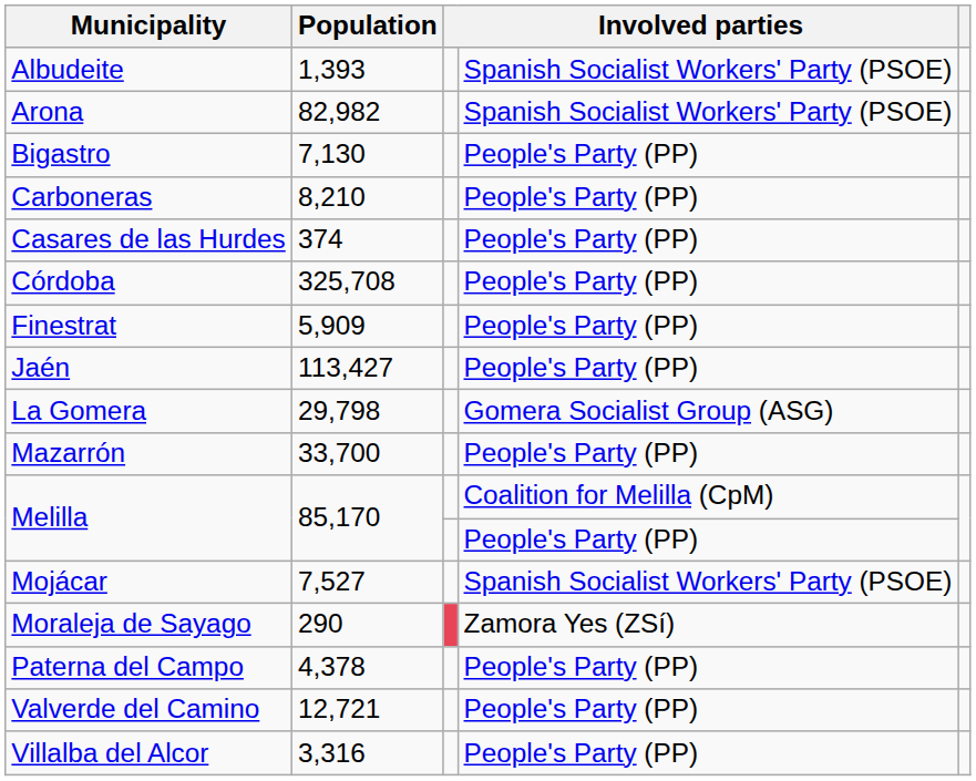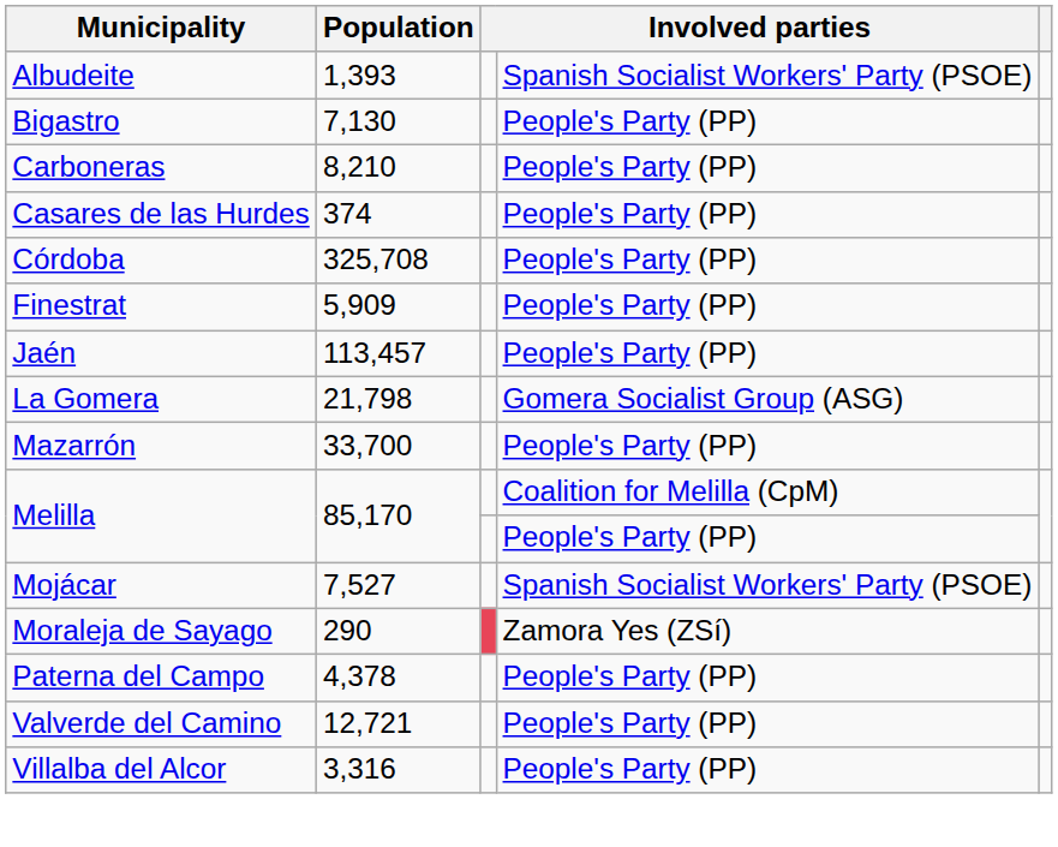 <table class="wikitable sortable">
 <tr>
 <th>Municipality</th>
 <th>Population</th>
 <th colspan="2">Involved parties</th>
 <th class="unsortable"></th>
 </tr>
 <tr>
 <td><a href='#'>Albudeite</a></td>
 <td>1,393</td>
-<td width="1"></td>
-<td><a href='#'>Spanish Socialist Workers' Party</a> (PSOE)</td>
-<td></td>
-</tr>
-<tr>
-<td><a href='#'>Arona</a></td>
-<td>82,982</td>
 <td width="1"></td>
 <td><a href='#'>Spanish Socialist Workers' Party</a> (PSOE)</td>
 <td></td>
 </tr>
 <tr>
 <td><a href='#'>Bigastro</a></td>
 <td>7,130</td>
 <td></td>
 <td><a href='#'>People's Party</a> (PP)</td>
 <td></td>
 </tr>
 <tr>
 <td><a href='#'>Carboneras</a></td>
 <td>8,210</td>
 <td></td>
 <td><a href='#'>People's Party</a> (PP)</td>
 <td></td>
 </tr>
 <tr>
 <td><a href='#'>Casares de las Hurdes</a></td>
 <td>374</td>
 <td></td>
 <td><a href='#'>People's Party</a> (PP)</td>
 <td></td>
 </tr>
 <tr>
 <td><a href='#'>Córdoba</a></td>
 <td>325,708</td>
 <td></td>
 <td><a href='#'>People's Party</a> (PP)</td>
 <td></td>
 </tr>
 <tr>
 <td><a href='#'>Finestrat</a></td>
 <td>5,909</td>
 <td></td>
 <td><a href='#'>People's Party</a> (PP)</td>
 <td></td>
 </tr>
 <tr>
 <td><a href='#'>Jaén</a></td>
-<td>113,427</td>
+<td>113,457</td>
 <td></td>
 <td><a href='#'>People's Party</a> (PP)</td>
 <td></td>
 </tr>
 <tr>
 <td><a href='#'>La Gomera</a></td>
-<td>29,798</td>
+<td>21,798</td>
 <td></td>
 <td><a href='#'>Gomera Socialist Group</a> (ASG)</td>
 <td></td>
 </tr>
 <tr>
 <td><a href='#'>Mazarrón</a></td>
 <td>33,700</td>
 <td></td>
 <td><a href='#'>People's Party</a> (PP)</td>
 <td></td>
 </tr>
 <tr>
 <td rowspan="2"><a href='#'>Melilla</a></td>
 <td rowspan="2">85,170</td>
 <td></td>
 <td><a href='#'>Coalition for Melilla</a> (CpM)</td>
 <td rowspan="2"></td>
 </tr>
 <tr>
 <td></td>
 <td><a href='#'>People's Party</a> (PP)</td>
 </tr>
 <tr>
 <td><a href='#'>Mojácar</a></td>
 <td>7,527</td>
 <td></td>
 <td><a href='#'>Spanish Socialist Workers' Party</a> (PSOE)</td>
 <td></td>
 </tr>
 <tr>
 <td><a href='#'>Moraleja de Sayago</a></td>
 <td>290</td>
 <td bgcolor="#E84558"></td>
 <td>Zamora Yes (ZSí)</td>
 <td></td>
 </tr>
 <tr>
 <td><a href='#'>Paterna del Campo</a></td>
 <td>4,378</td>
 <td></td>
 <td><a href='#'>People's Party</a> (PP)</td>
 <td></td>
 </tr>
 <tr>
 <td><a href='#'>Valverde del Camino</a></td>
 <td>12,721</td>
 <td></td>
 <td><a href='#'>People's Party</a> (PP)</td>
 <td></td>
 </tr>
 <tr>
 <td><a href='#'>Villalba del Alcor</a></td>
 <td>3,316</td>
 <td></td>
 <td><a href='#'>People's Party</a> (PP)</td>
 <td></td>
 </tr>
 </table>
